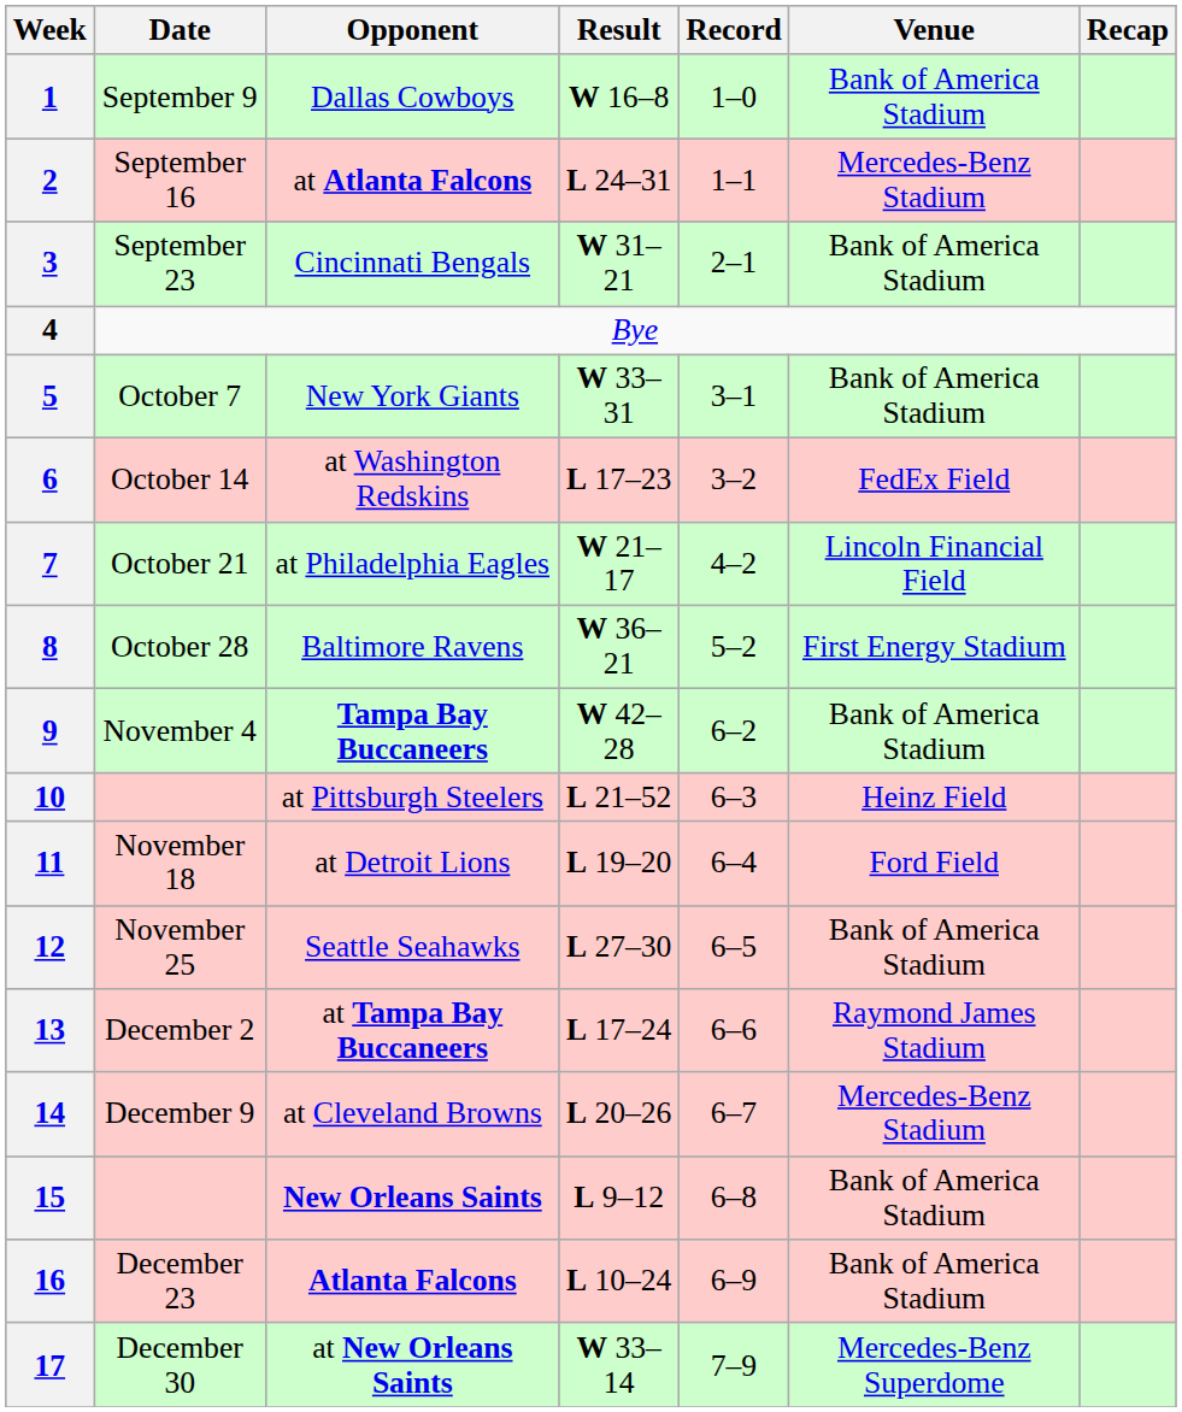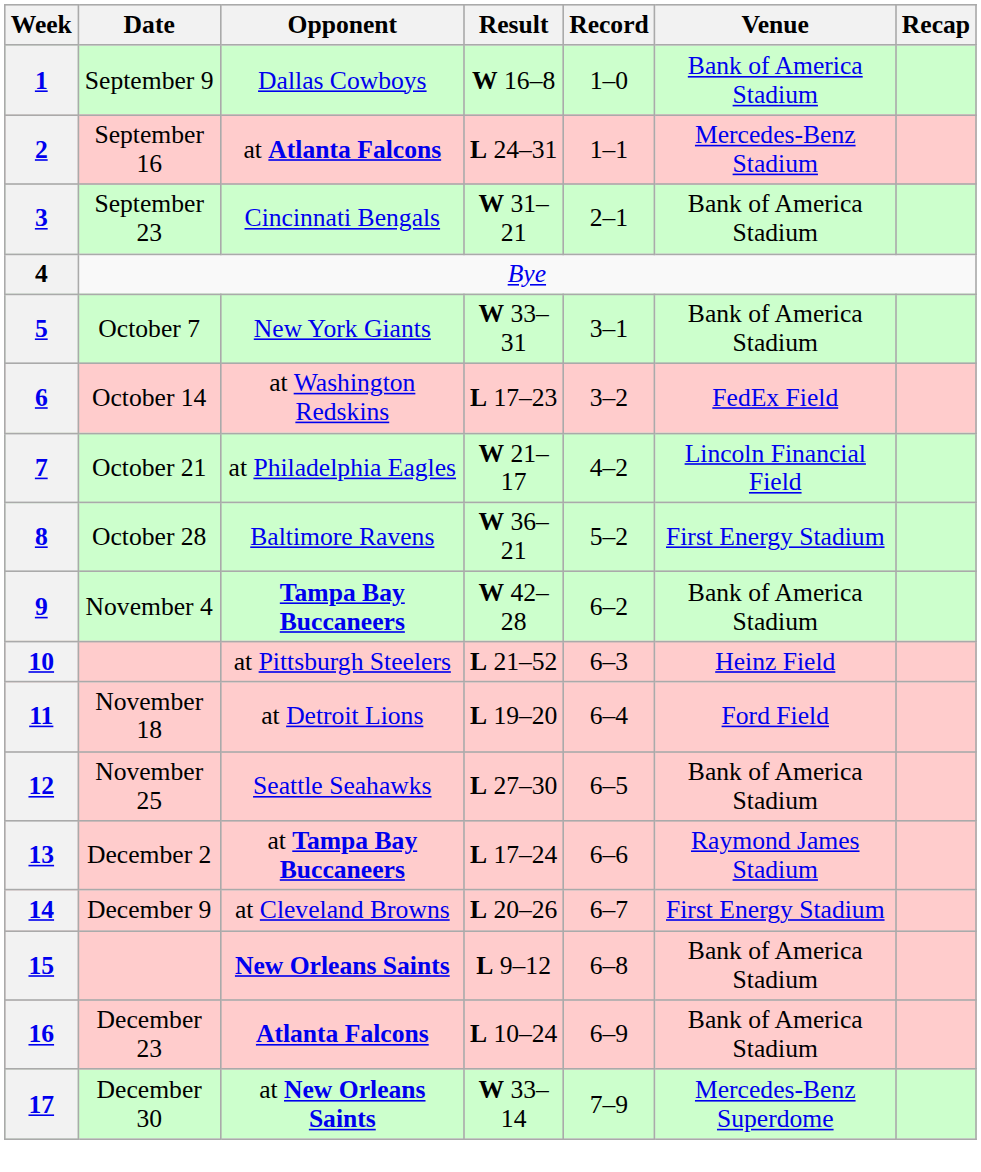 <table class="wikitable" style="text-align:center">
 <tr>
 <th>Week</th>
 <th>Date</th>
 <th>Opponent</th>
 <th>Result</th>
 <th>Record</th>
 <th>Venue</th>
 <th>Recap</th>
 </tr>
 <tr style="background:#cfc">
 <th><a href='#'>1</a></th>
 <td>September 9</td>
 <td><a href='#'>Dallas Cowboys</a></td>
 <td><strong>W</strong> 16–8</td>
 <td>1–0</td>
 <td><a href='#'>Bank of America Stadium</a></td>
 <td></td>
 </tr>
 <tr style="background:#fcc">
 <th><a href='#'>2</a></th>
 <td>September 16</td>
 <td>at <strong><a href='#'>Atlanta Falcons</a></strong></td>
 <td><strong>L</strong> 24–31</td>
 <td>1–1</td>
 <td><a href='#'>Mercedes-Benz Stadium</a></td>
 <td></td>
 </tr>
 <tr style="background:#cfc">
 <th><a href='#'>3</a></th>
 <td>September 23</td>
 <td><a href='#'>Cincinnati Bengals</a></td>
 <td><strong>W</strong> 31–21</td>
 <td>2–1</td>
 <td>Bank of America Stadium</td>
 <td></td>
 </tr>
 <tr>
 <th>4</th>
 <td colspan="6"><em><a href='#'>Bye</a></em></td>
 </tr>
 <tr style="background:#cfc">
 <th><a href='#'>5</a></th>
 <td>October 7</td>
 <td><a href='#'>New York Giants</a></td>
 <td><strong>W</strong> 33–31</td>
 <td>3–1</td>
 <td>Bank of America Stadium</td>
 <td></td>
 </tr>
 <tr style="background:#fcc">
 <th><a href='#'>6</a></th>
 <td>October 14</td>
 <td>at <a href='#'>Washington Redskins</a></td>
 <td><strong>L</strong> 17–23</td>
 <td>3–2</td>
 <td><a href='#'>FedEx Field</a></td>
 <td></td>
 </tr>
 <tr style="background:#cfc">
 <th><a href='#'>7</a></th>
 <td>October 21</td>
 <td>at <a href='#'>Philadelphia Eagles</a></td>
 <td><strong>W</strong> 21–17</td>
 <td>4–2</td>
 <td><a href='#'>Lincoln Financial Field</a></td>
 <td></td>
 </tr>
 <tr style="background:#cfc">
 <th><a href='#'>8</a></th>
 <td>October 28</td>
 <td><a href='#'>Baltimore Ravens</a></td>
 <td><strong>W</strong> 36–21</td>
 <td>5–2</td>
 <td><a href='#'>First Energy Stadium</a></td>
 <td></td>
 </tr>
 <tr style="background:#cfc">
 <th><a href='#'>9</a></th>
 <td>November 4</td>
 <td><strong><a href='#'>Tampa Bay Buccaneers</a></strong></td>
 <td><strong>W</strong> 42–28</td>
 <td>6–2</td>
 <td>Bank of America Stadium</td>
 <td></td>
 </tr>
 <tr style="background:#fcc">
 <th><a href='#'>10</a></th>
 <td></td>
 <td>at <a href='#'>Pittsburgh Steelers</a></td>
 <td><strong>L</strong> 21–52</td>
 <td>6–3</td>
 <td><a href='#'>Heinz Field</a></td>
 <td></td>
 </tr>
 <tr style="background:#fcc">
 <th><a href='#'>11</a></th>
 <td>November 18</td>
 <td>at <a href='#'>Detroit Lions</a></td>
 <td><strong>L</strong> 19–20</td>
 <td>6–4</td>
 <td><a href='#'>Ford Field</a></td>
 <td></td>
 </tr>
 <tr style="background:#fcc">
 <th><a href='#'>12</a></th>
 <td>November 25</td>
 <td><a href='#'>Seattle Seahawks</a></td>
 <td><strong>L</strong> 27–30</td>
 <td>6–5</td>
 <td>Bank of America Stadium</td>
 <td></td>
 </tr>
 <tr style="background:#fcc">
 <th><a href='#'>13</a></th>
 <td>December 2</td>
 <td>at <strong><a href='#'>Tampa Bay Buccaneers</a></strong></td>
 <td><strong>L</strong> 17–24</td>
 <td>6–6</td>
 <td><a href='#'>Raymond James Stadium</a></td>
 <td></td>
 </tr>
 <tr style="background:#fcc">
 <th><a href='#'>14</a></th>
 <td>December 9</td>
 <td>at <a href='#'>Cleveland Browns</a></td>
 <td><strong>L</strong> 20–26</td>
 <td>6–7</td>
-<td><a href='#'>Mercedes-Benz Stadium</a></td>
+<td><a href='#'>First Energy Stadium</a></td>
 <td></td>
 </tr>
 <tr style="background:#fcc">
 <th><a href='#'>15</a></th>
 <td></td>
 <td><strong><a href='#'>New Orleans Saints</a></strong></td>
 <td><strong>L</strong> 9–12</td>
 <td>6–8</td>
 <td>Bank of America Stadium</td>
 <td></td>
 </tr>
 <tr style="background:#fcc">
 <th><a href='#'>16</a></th>
 <td>December 23</td>
 <td><strong><a href='#'>Atlanta Falcons</a></strong></td>
 <td><strong>L</strong> 10–24</td>
 <td>6–9</td>
 <td>Bank of America Stadium</td>
 <td></td>
 </tr>
 <tr style="background:#cfc">
 <th><a href='#'>17</a></th>
 <td>December 30</td>
 <td>at <strong><a href='#'>New Orleans Saints</a></strong></td>
 <td><strong>W</strong> 33–14</td>
 <td>7–9</td>
 <td><a href='#'>Mercedes-Benz Superdome</a></td>
 <td></td>
 </tr>
 </table>
